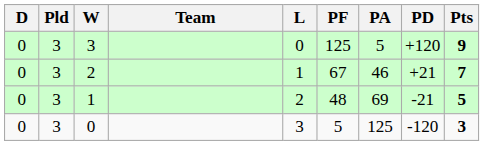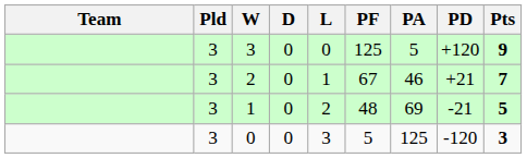 <table class="wikitable" style="text-align:center;">
 <tr>
-<th width=25 abbr="Drawn">D</th>
+<th width=155>Team</th>
 <th width=25 abbr="Played">Pld</th>
 <th width=25 abbr="Won">W</th>
-<th width=155>Team</th>
+<th width=25 abbr="Drawn">D</th>
 <th width=25 abbr="Lost">L</th>
 <th width=32 abbr="Points for">PF</th>
 <th width=32 abbr="Points against">PA</th>
 <th width=32 abbr="Points difference">PD</th>
 <th width=25 abbr="Points">Pts</th>
 </tr>
 <tr style="background:#ccffcc">
-<td>0</td>
+<td align=left></td>
 <td>3</td>
 <td>3</td>
-<td align=left></td>
+<td>0</td>
 <td>0</td>
 <td>125</td>
 <td>5</td>
 <td>+120</td>
 <td><strong>9</strong></td>
 </tr>
 <tr style="background:#ccffcc">
-<td>0</td>
+<td align=left></td>
 <td>3</td>
 <td>2</td>
-<td align=left></td>
+<td>0</td>
 <td>1</td>
 <td>67</td>
 <td>46</td>
 <td>+21</td>
 <td><strong>7</strong></td>
 </tr>
 <tr style="background:#ccffcc">
-<td>0</td>
+<td align=left></td>
 <td>3</td>
 <td>1</td>
-<td align=left></td>
+<td>0</td>
 <td>2</td>
 <td>48</td>
 <td>69</td>
 <td>-21</td>
 <td><strong>5</strong></td>
 </tr>
 <tr>
-<td>0</td>
+<td align=left></td>
 <td>3</td>
 <td>0</td>
-<td align=left></td>
+<td>0</td>
 <td>3</td>
 <td>5</td>
 <td>125</td>
 <td>-120</td>
 <td><strong>3</strong></td>
 </tr>
 </table>
